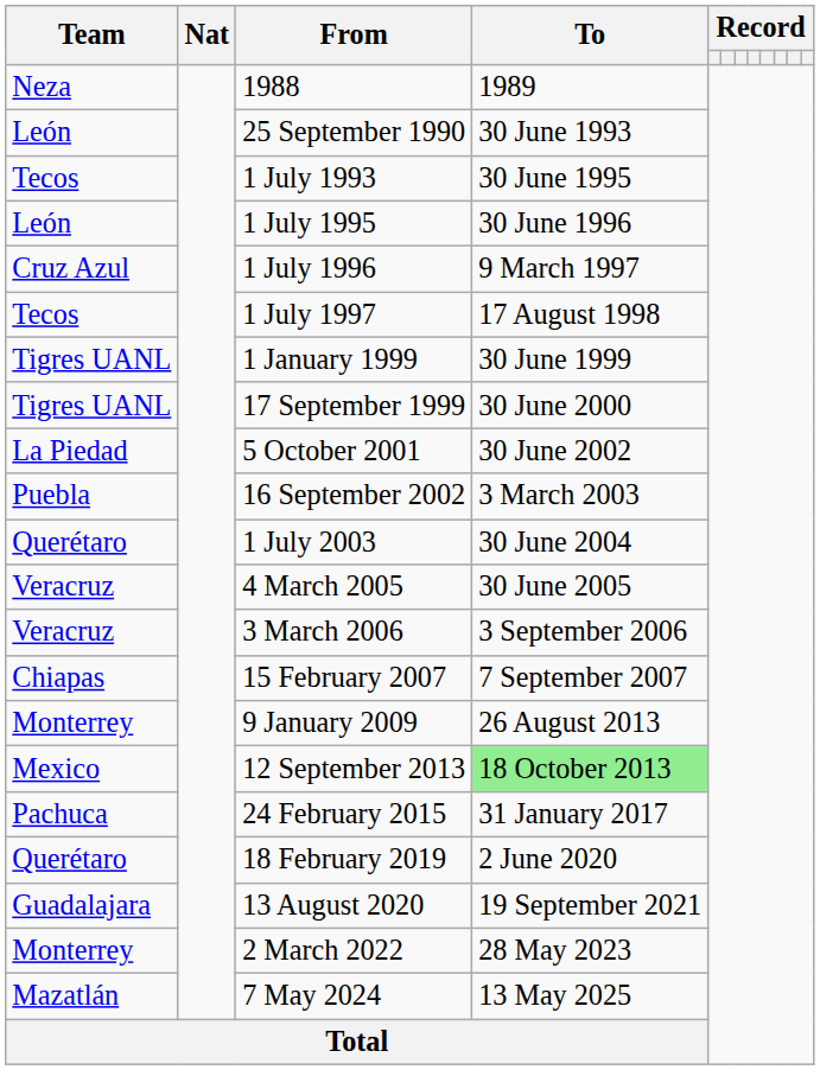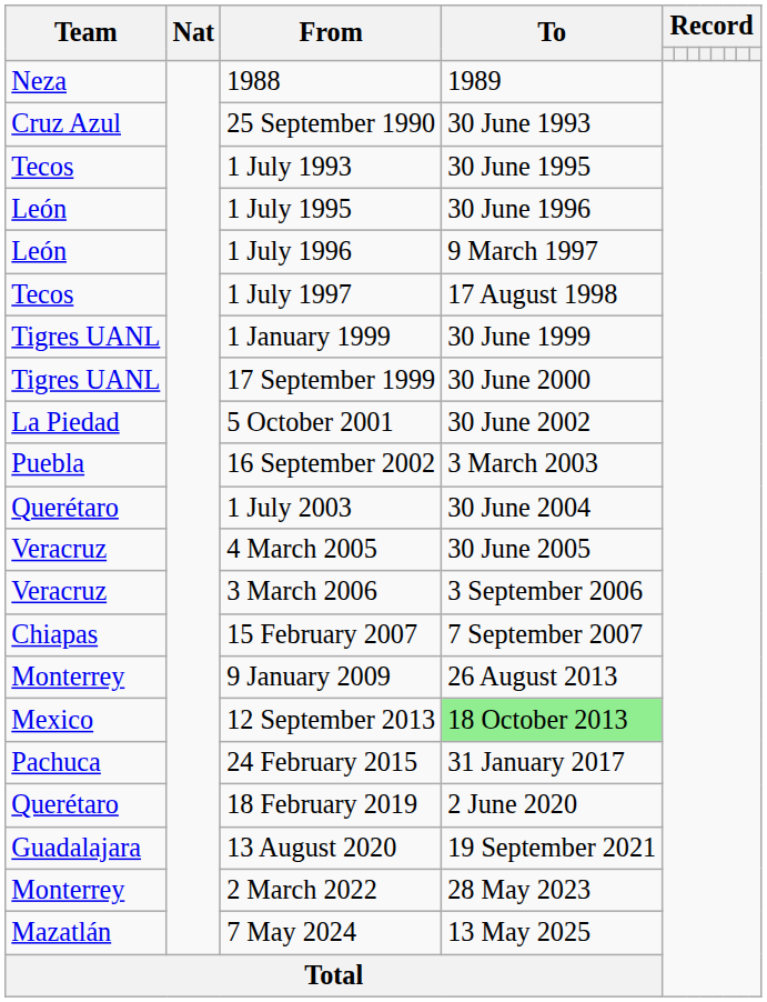 <table class="wikitable" style="text-align: center">
 <tr>
 <th rowspan="2">Team</th>
 <th rowspan="2">Nat</th>
 <th rowspan="2">From</th>
 <th rowspan="2">To</th>
 <th colspan="8">Record</th>
 </tr>
 <tr>
 <th></th>
 <th></th>
 <th></th>
 <th></th>
 <th></th>
 <th></th>
 <th></th>
 <th></th>
 </tr>
 <tr>
 <td align=left><a href='#'>Neza</a></td>
 <td rowspan="21"></td>
 <td align=left>1988</td>
 <td align=left>1989<br></td>
 </tr>
 <tr>
-<td align=left><a href='#'>León</a></td>
+<td align=left><a href='#'>Cruz Azul</a></td>
 <td align=left>25 September 1990</td>
 <td align=left>30 June 1993<br></td>
 </tr>
 <tr>
 <td align=left><a href='#'>Tecos</a></td>
 <td align=left>1 July 1993</td>
 <td align=left>30 June 1995<br></td>
 </tr>
 <tr>
 <td align=left><a href='#'>León</a></td>
 <td align=left>1 July 1995</td>
 <td align=left>30 June 1996<br></td>
 </tr>
 <tr>
-<td align=left><a href='#'>Cruz Azul</a></td>
+<td align=left><a href='#'>León</a></td>
 <td align=left>1 July 1996</td>
 <td align=left>9 March 1997<br></td>
 </tr>
 <tr>
 <td align=left><a href='#'>Tecos</a></td>
 <td align=left>1 July 1997</td>
 <td align=left>17 August 1998<br></td>
 </tr>
 <tr>
 <td align=left><a href='#'>Tigres UANL</a></td>
 <td align=left>1 January 1999</td>
 <td align=left>30 June 1999<br></td>
 </tr>
 <tr>
 <td align=left><a href='#'>Tigres UANL</a></td>
 <td align=left>17 September 1999</td>
 <td align=left>30 June 2000<br></td>
 </tr>
 <tr>
 <td align=left><a href='#'>La Piedad</a></td>
 <td align=left>5 October 2001</td>
 <td align=left>30 June 2002<br></td>
 </tr>
 <tr>
 <td align=left><a href='#'>Puebla</a></td>
 <td align=left>16 September 2002</td>
 <td align=left>3 March 2003<br></td>
 </tr>
 <tr>
 <td align=left><a href='#'>Querétaro</a></td>
 <td align=left>1 July 2003</td>
 <td align=left>30 June 2004<br></td>
 </tr>
 <tr>
 <td align=left><a href='#'>Veracruz</a></td>
 <td align=left>4 March 2005</td>
 <td align=left>30 June 2005<br></td>
 </tr>
 <tr>
 <td align=left><a href='#'>Veracruz</a></td>
 <td align=left>3 March 2006</td>
 <td align=left>3 September 2006<br></td>
 </tr>
 <tr>
 <td align=left><a href='#'>Chiapas</a></td>
 <td align=left>15 February 2007</td>
 <td align=left>7 September 2007<br></td>
 </tr>
 <tr>
 <td align=left><a href='#'>Monterrey</a></td>
 <td align=left>9 January 2009</td>
 <td align=left>26 August 2013<br></td>
 </tr>
 <tr>
 <td align=left><a href='#'>Mexico</a></td>
 <td align=left>12 September 2013</td>
 <td align=left style="background: lightgreen;">18 October 2013<br></td>
 </tr>
 <tr>
 <td align=left><a href='#'>Pachuca</a></td>
 <td align=left>24 February 2015</td>
 <td align=left>31 January 2017<br></td>
 </tr>
 <tr>
 <td align=left><a href='#'>Querétaro</a></td>
 <td align=left>18 February 2019</td>
 <td align=left>2 June 2020<br></td>
 </tr>
 <tr>
 <td align=left><a href='#'>Guadalajara</a></td>
 <td align=left>13 August 2020</td>
 <td align=left>19 September 2021<br></td>
 </tr>
 <tr>
 <td align=left><a href='#'>Monterrey</a></td>
 <td align=left>2 March 2022</td>
 <td align=left>28 May 2023<br></td>
 </tr>
 <tr>
 <td align=left><a href='#'>Mazatlán</a></td>
 <td align=left>7 May 2024</td>
 <td align=left>13 May 2025<br></td>
 </tr>
 <tr align=center>
 <th colspan="4">Total<br></th>
 </tr>
 </table>
